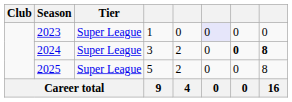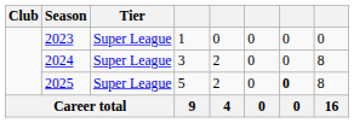 <table class="wikitable defaultcenter">
 <tr>
 <th>Club</th>
 <th>Season</th>
 <th>Tier</th>
 <th style="width:2em;"></th>
 <th style="width:2em;"></th>
 <th style="width:2em;"></th>
 <th style="width:2em;"></th>
 <th style="width:2em;"></th>
 </tr>
 <tr>
 <td rowspan="3" style="text-align:left;"></td>
 <td><a href='#'>2023</a></td>
 <td><a href='#'>Super League</a></td>
 <td>1</td>
 <td>0</td>
-<td style="background: lavender;">0</td>
+<td>0</td>
 <td>0</td>
 <td>0</td>
 </tr>
 <tr>
 <td><a href='#'>2024</a></td>
 <td><a href='#'>Super League</a></td>
 <td>3</td>
 <td>2</td>
 <td>0</td>
-<td><strong>0</strong></td>
-<td><strong>8</strong></td>
+<td>0</td>
+<td>8</td>
 </tr>
 <tr>
 <td><a href='#'>2025</a></td>
 <td><a href='#'>Super League</a></td>
 <td>5</td>
 <td>2</td>
 <td>0</td>
-<td>0</td>
+<td><strong>0</strong></td>
 <td>8</td>
 </tr>
 <tr>
 <th colspan="3">Career total</th>
 <th>9</th>
 <th>4</th>
 <th>0</th>
 <th>0</th>
 <th>16</th>
 </tr>
 </table>
